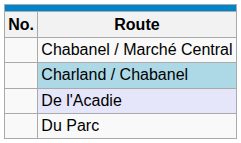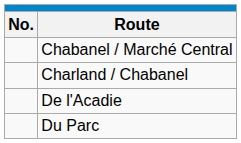 <table align=center class="wikitable">
 <tr>
 <th style="background: #0085CA; font-size:100%; color:#FFFFFF;"colspan="4"><a href='#'></a></th>
 </tr>
 <tr>
 <th>No.</th>
 <th>Route</th>
 </tr>
 <tr>
 <td></td>
 <td>Chabanel / Marché Central</td>
 </tr>
 <tr>
 <td></td>
-<td style="background: lightblue;">Charland / Chabanel</td>
+<td>Charland / Chabanel</td>
 </tr>
 <tr>
 <td></td>
-<td style="background: lavender;">De l'Acadie</td>
+<td>De l'Acadie</td>
 </tr>
 <tr>
 <td {{Avoid wrap> </td>
 <td>Du Parc</td>
 </tr>
 <tr>
 </tr>
 </table>
